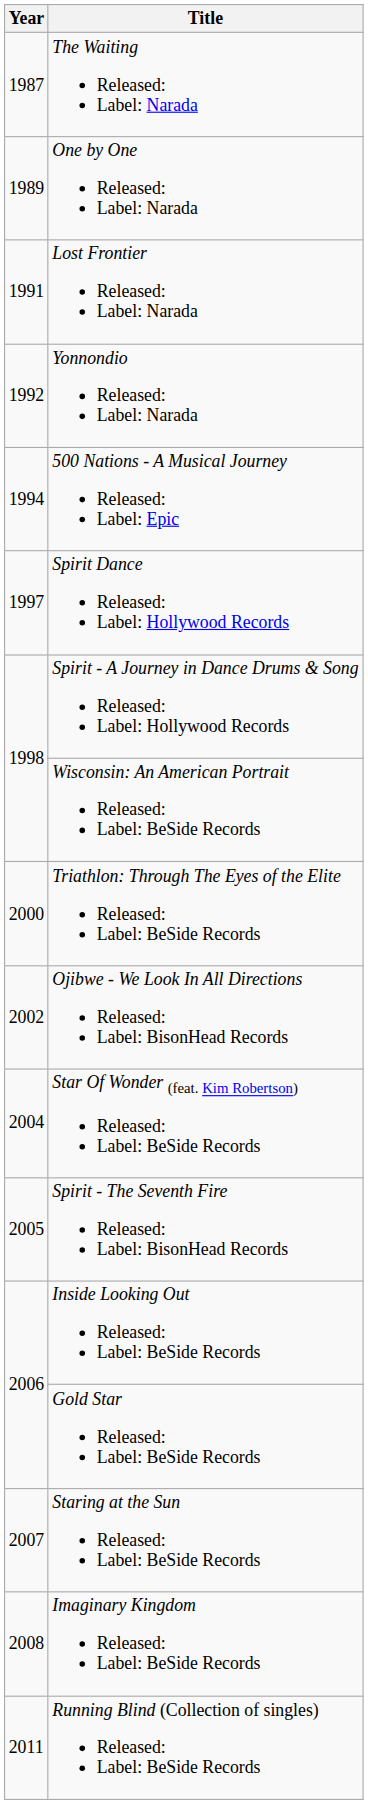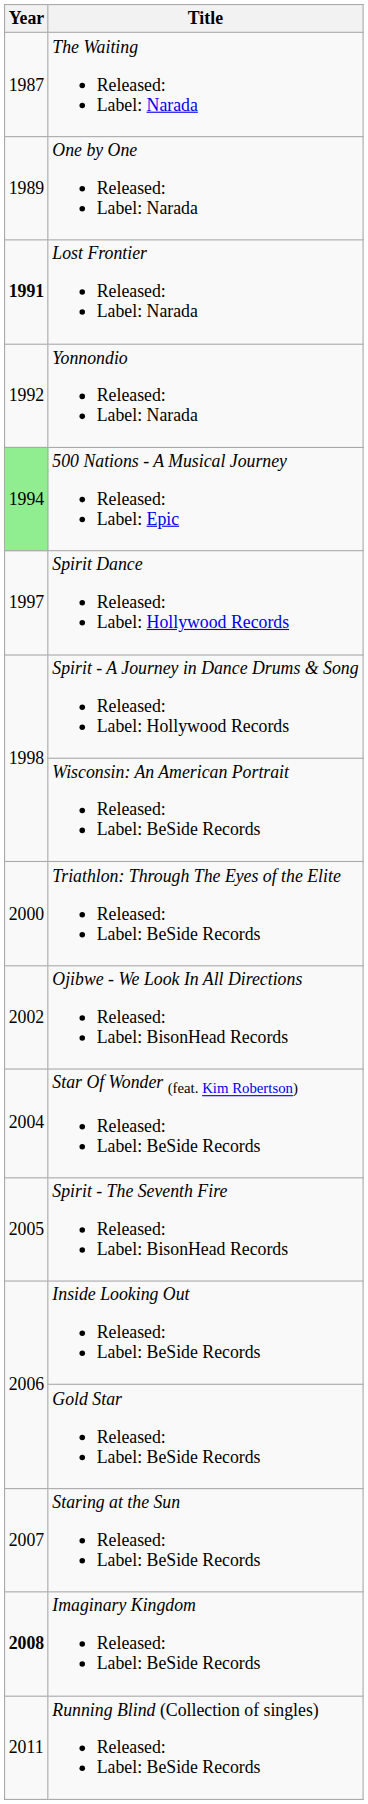 <table class="wikitable">
 <tr>
 <th>Year</th>
 <th>Title</th>
 </tr>
 <tr>
 <td>1987</td>
 <td><em>The Waiting</em><br><ul><li>Released:</li><li>Label: <a href='#'>Narada</a></li></ul></td>
 </tr>
 <tr>
 <td>1989</td>
 <td><em>One by One</em><br><ul><li>Released:</li><li>Label: Narada</li></ul></td>
 </tr>
 <tr>
-<td>1991</td>
+<td><strong>1991</strong></td>
 <td><em>Lost Frontier</em><br><ul><li>Released:</li><li>Label: Narada</li></ul></td>
 </tr>
 <tr>
 <td>1992</td>
 <td><em>Yonnondio</em><br><ul><li>Released:</li><li>Label: Narada</li></ul></td>
 </tr>
 <tr>
-<td>1994</td>
+<td style="background: lightgreen;">1994</td>
 <td><em>500 Nations - A Musical Journey</em><br><ul><li>Released:</li><li>Label: <a href='#'>Epic</a></li></ul></td>
 </tr>
 <tr>
 <td>1997</td>
 <td><em>Spirit Dance</em><br><ul><li>Released:</li><li>Label: <a href='#'>Hollywood Records</a></li></ul></td>
 </tr>
 <tr>
 <td rowspan="2">1998</td>
 <td><em>Spirit - A Journey in Dance Drums & Song</em><br><ul><li>Released:</li><li>Label: Hollywood Records</li></ul></td>
 </tr>
 <tr>
 <td><em>Wisconsin: An American Portrait</em><br><ul><li>Released:</li><li>Label: BeSide Records</li></ul></td>
 </tr>
 <tr>
 <td>2000</td>
 <td><em>Triathlon: Through The Eyes of the Elite</em><br><ul><li>Released:</li><li>Label: BeSide Records</li></ul></td>
 </tr>
 <tr>
 <td>2002</td>
 <td><em>Ojibwe - We Look In All Directions</em><br><ul><li>Released:</li><li>Label: BisonHead Records</li></ul></td>
 </tr>
 <tr>
 <td>2004</td>
 <td><em>Star Of Wonder</em> <sub>(feat. <a href='#'>Kim Robertson</a>)</sub><br><ul><li>Released:</li><li>Label: BeSide Records</li></ul></td>
 </tr>
 <tr>
 <td>2005</td>
 <td><em>Spirit - The Seventh Fire</em><br><ul><li>Released:</li><li>Label: BisonHead Records</li></ul></td>
 </tr>
 <tr>
 <td rowspan="2">2006</td>
 <td><em>Inside Looking Out</em><br><ul><li>Released:</li><li>Label: BeSide Records</li></ul></td>
 </tr>
 <tr>
 <td><em>Gold Star</em><br><ul><li>Released:</li><li>Label: BeSide Records</li></ul></td>
 </tr>
 <tr>
 <td>2007</td>
 <td><em>Staring at the Sun</em><br><ul><li>Released:</li><li>Label: BeSide Records</li></ul></td>
 </tr>
 <tr>
-<td>2008</td>
+<td><strong>2008</strong></td>
 <td><em>Imaginary Kingdom</em><br><ul><li>Released:</li><li>Label: BeSide Records</li></ul></td>
 </tr>
 <tr>
 <td>2011</td>
 <td><em>Running Blind</em> (Collection of singles)<br><ul><li>Released:</li><li>Label: BeSide Records</li></ul></td>
 </tr>
 </table>
